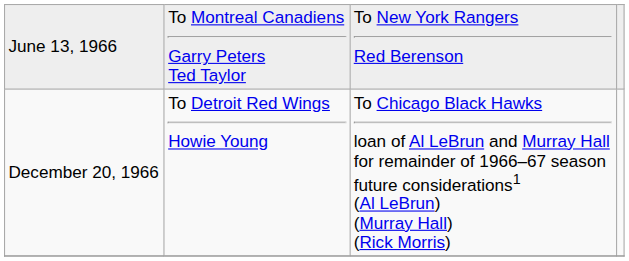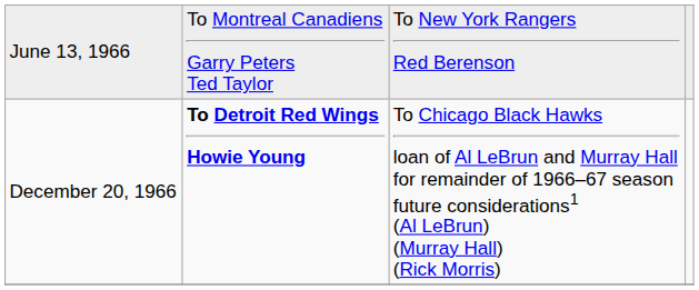 <table class="wikitable" style="border:1px solid #999999; width:580px;">
 <tr bgcolor="eeeeee">
 <td>June 13, 1966</td>
 <td valign="top">To <a href='#'>Montreal Canadiens</a><hr><a href='#'>Garry Peters</a><br><a href='#'>Ted Taylor</a></td>
 <td valign="top">To <a href='#'>New York Rangers</a><hr><a href='#'>Red Berenson</a></td>
 <td></td>
 </tr>
 <tr>
 <td>December 20, 1966</td>
-<td valign="top">To <a href='#'>Detroit Red Wings</a><hr><a href='#'>Howie Young</a></td>
+<td valign="top"><strong>To <a href='#'>Detroit Red Wings</a><hr><a href='#'>Howie Young</a></strong></td>
 <td valign="top">To <a href='#'>Chicago Black Hawks</a><hr>loan of <a href='#'>Al LeBrun</a> and <a href='#'>Murray Hall</a><br>for remainder of 1966–67 season<br>future considerations<sup>1</sup><br>(<a href='#'>Al LeBrun</a>)<br>(<a href='#'>Murray Hall</a>)<br>(<a href='#'>Rick Morris</a>)</td>
 <td></td>
 </tr>
 <tr bgcolor="eeeeee">
 </tr>
 </table>
